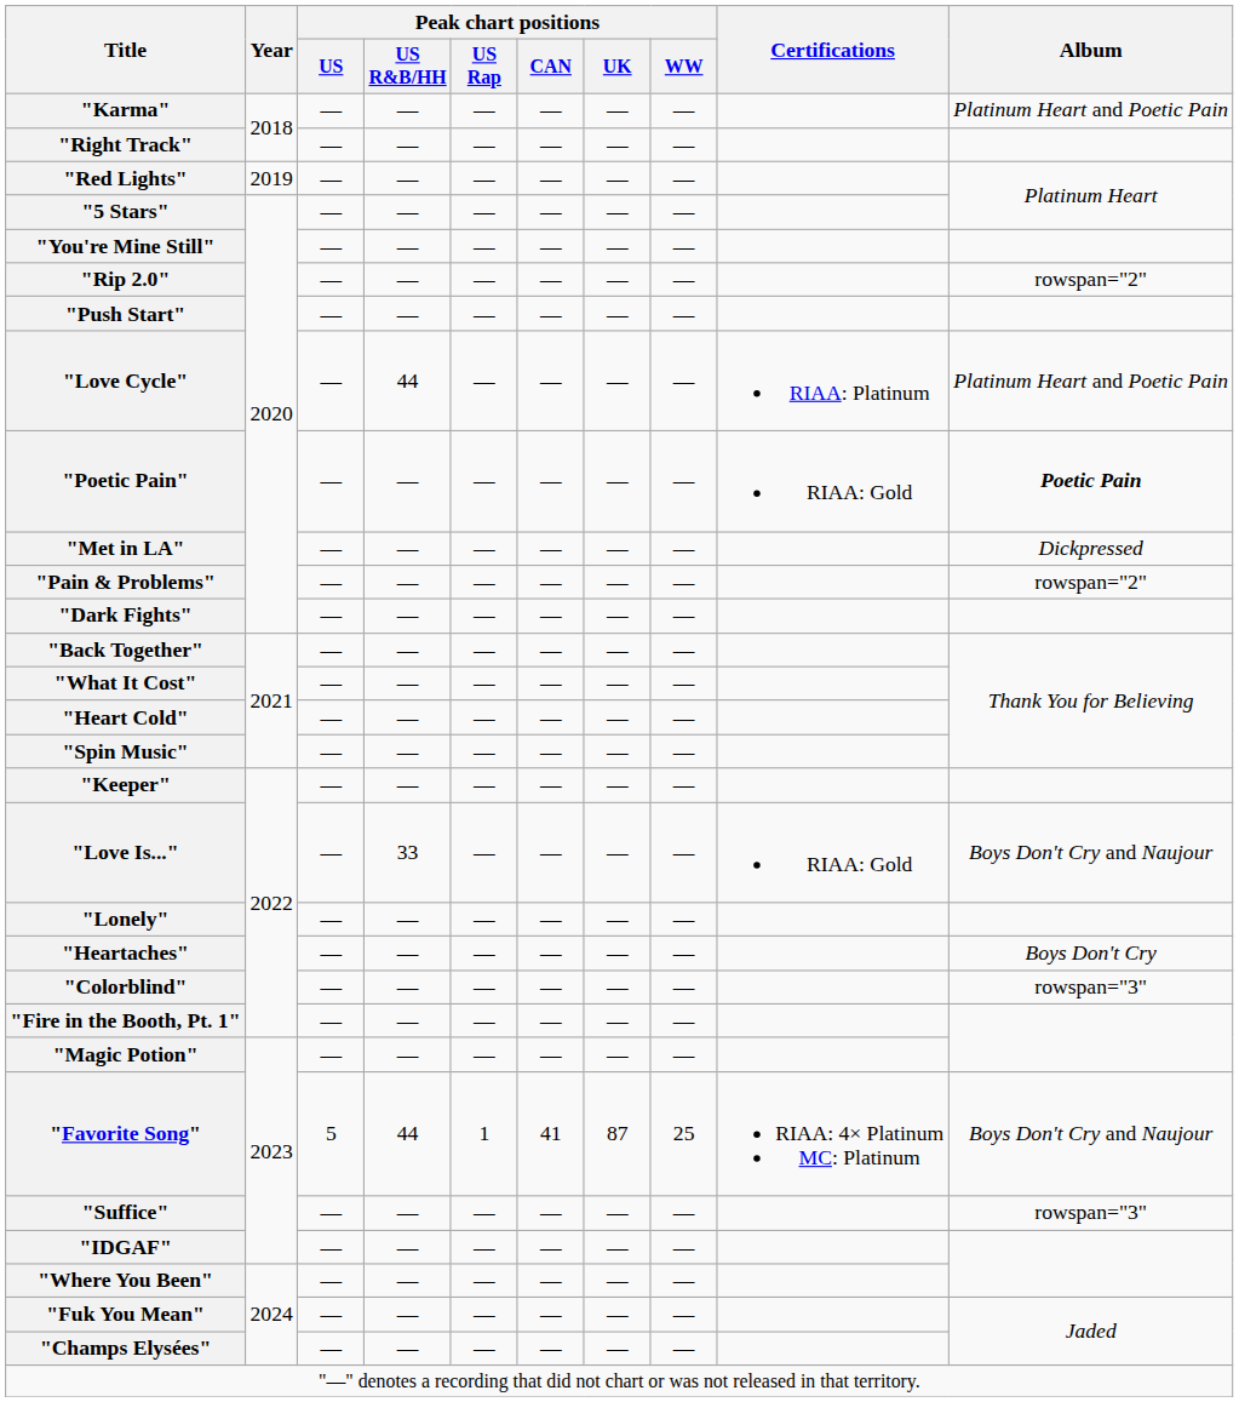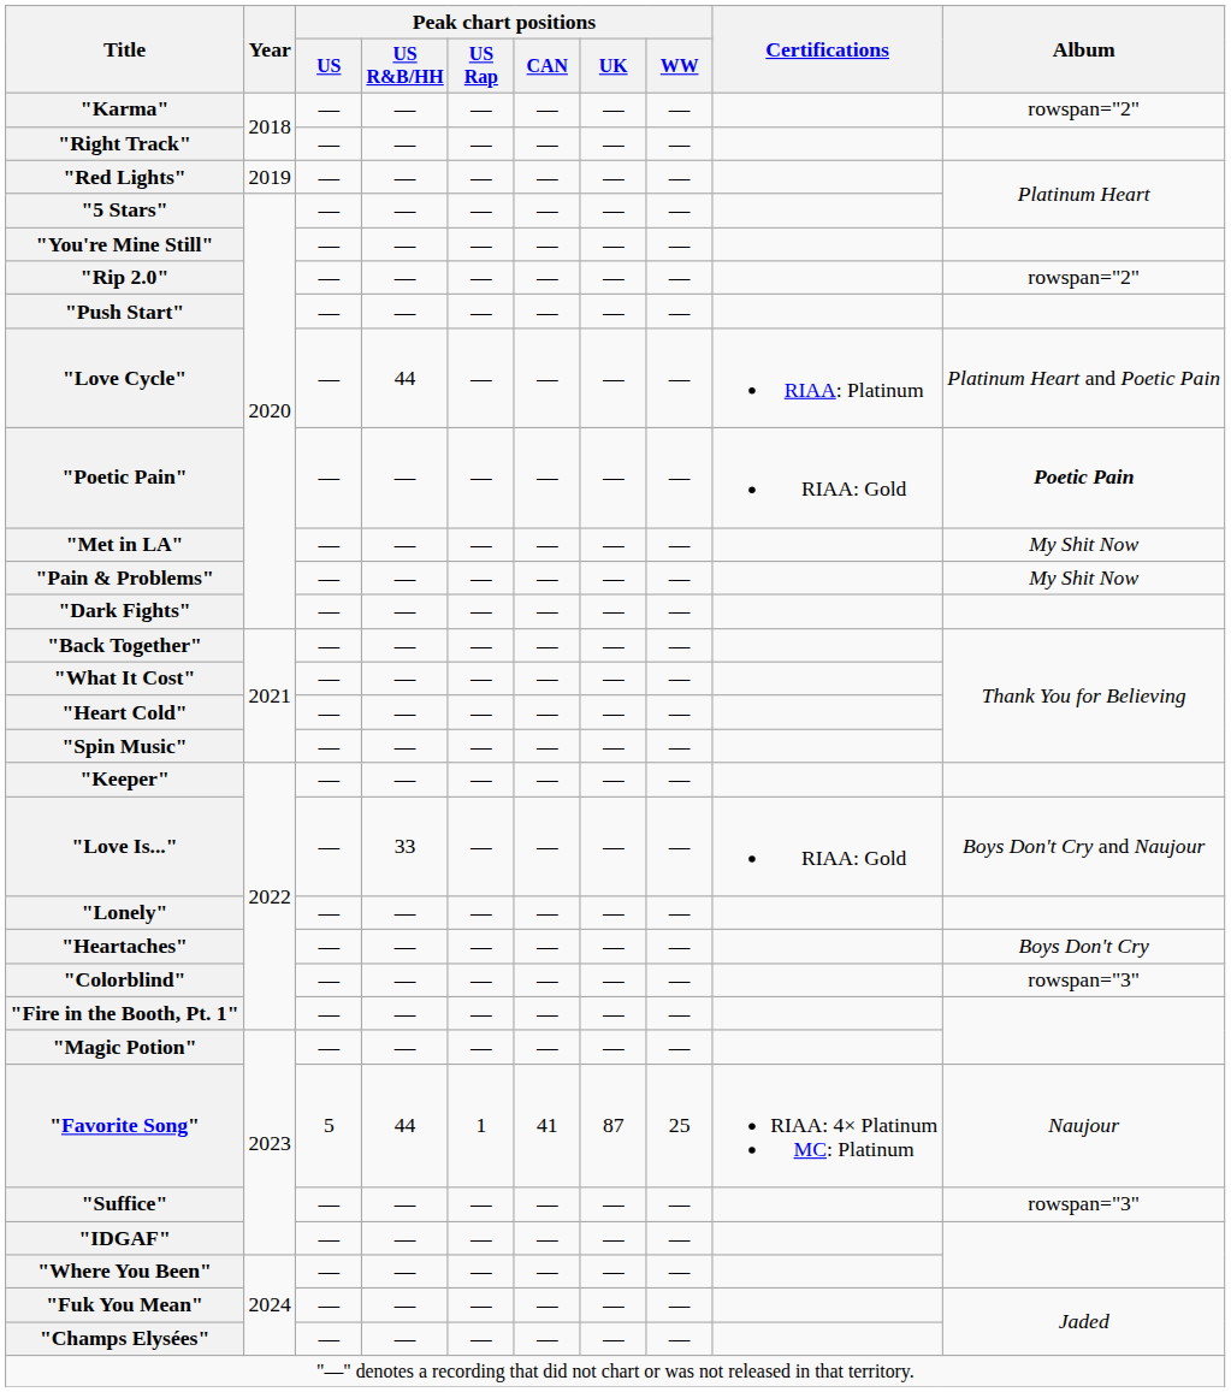 <table class="wikitable plainrowheaders" style="text-align:center;">
 <tr>
 <th rowspan="2">Title</th>
 <th rowspan="2">Year</th>
 <th colspan="6">Peak chart positions</th>
 <th rowspan="2" scope="col"><a href='#'>Certifications</a></th>
 <th rowspan="2">Album</th>
 </tr>
 <tr>
 <th scope="col" style="width:3em;font-size:90%;"><a href='#'>US</a><br></th>
 <th scope="col" style="width:3em;font-size:90%;"><a href='#'>US<br>R&B/HH</a><br></th>
 <th scope="col" style="width:3em;font-size:90%;"><a href='#'>US<br>Rap</a><br></th>
 <th scope="col" style="width:3em;font-size:90%;"><a href='#'>CAN</a><br></th>
 <th scope="col" style="width:3em;font-size:90%;"><a href='#'>UK</a><br></th>
 <th scope="col" style="width:3em;font-size:90%;"><a href='#'>WW</a><br></th>
 </tr>
 <tr>
 <th scope="row">"Karma"</th>
 <td rowspan="2">2018</td>
 <td>—</td>
 <td>—</td>
 <td>—</td>
 <td>—</td>
 <td>—</td>
 <td>—</td>
 <td></td>
-<td><em>Platinum Heart</em> and <em>Poetic Pain</em></td>
+<td>rowspan="2" </td>
 </tr>
 <tr>
 <th scope="row">"Right Track"</th>
 <td>—</td>
 <td>—</td>
 <td>—</td>
 <td>—</td>
 <td>—</td>
 <td>—</td>
 <td></td>
 </tr>
 <tr>
 <th scope="row">"Red Lights"</th>
 <td>2019</td>
 <td>—</td>
 <td>—</td>
 <td>—</td>
 <td>—</td>
 <td>—</td>
 <td>—</td>
 <td></td>
 <td rowspan="2"><em>Platinum Heart</em></td>
 </tr>
 <tr>
 <th scope="row">"5 Stars"</th>
 <td rowspan="9">2020</td>
 <td>—</td>
 <td>—</td>
 <td>—</td>
 <td>—</td>
 <td>—</td>
 <td>—</td>
 <td></td>
 </tr>
 <tr>
 <th scope="row">"You're Mine Still"</th>
 <td>—</td>
 <td>—</td>
 <td>—</td>
 <td>—</td>
 <td>—</td>
 <td>—</td>
 <td></td>
 <td></td>
 </tr>
 <tr>
 <th scope="row">"Rip 2.0"</th>
 <td>—</td>
 <td>—</td>
 <td>—</td>
 <td>—</td>
 <td>—</td>
 <td>—</td>
 <td></td>
 <td>rowspan="2" </td>
 </tr>
 <tr>
 <th scope="row">"Push Start"</th>
 <td>—</td>
 <td>—</td>
 <td>—</td>
 <td>—</td>
 <td>—</td>
 <td>—</td>
 <td></td>
 <td></td>
 </tr>
 <tr>
 <th scope="row">"Love Cycle"<br></th>
 <td>—</td>
 <td>44</td>
 <td>—</td>
 <td>—</td>
 <td>—</td>
 <td>—</td>
 <td><br><ul><li><a href='#'>RIAA</a>: Platinum</li></ul></td>
 <td><em>Platinum Heart</em> and <em>Poetic Pain</em></td>
 </tr>
 <tr>
 <th scope="row">"Poetic Pain"</th>
 <td>—</td>
 <td>—</td>
 <td>—</td>
 <td>—</td>
 <td>—</td>
 <td>—</td>
 <td><br><ul><li>RIAA: Gold</li></ul></td>
 <td><strong><em>Poetic Pain</em></strong></td>
 </tr>
 <tr>
 <th scope="row">"Met in LA"</th>
 <td>—</td>
 <td>—</td>
 <td>—</td>
 <td>—</td>
 <td>—</td>
 <td>—</td>
 <td></td>
-<td><em>Dickpressed</em></td>
+<td><em>My Shit Now</em></td>
 </tr>
 <tr>
 <th scope="row">"Pain & Problems"</th>
 <td>—</td>
 <td>—</td>
 <td>—</td>
 <td>—</td>
 <td>—</td>
 <td>—</td>
 <td></td>
-<td>rowspan="2" </td>
+<td><em>My Shit Now</em></td>
 </tr>
 <tr>
 <th scope="row">"Dark Fights"</th>
 <td>—</td>
 <td>—</td>
 <td>—</td>
 <td>—</td>
 <td>—</td>
 <td>—</td>
 <td></td>
 </tr>
 <tr>
 <th scope="row">"Back Together"</th>
 <td rowspan="4">2021</td>
 <td>—</td>
 <td>—</td>
 <td>—</td>
 <td>—</td>
 <td>—</td>
 <td>—</td>
 <td></td>
 <td rowspan="4"><em>Thank You for Believing</em></td>
 </tr>
 <tr>
 <th scope="row">"What It Cost"</th>
 <td>—</td>
 <td>—</td>
 <td>—</td>
 <td>—</td>
 <td>—</td>
 <td>—</td>
 <td></td>
 </tr>
 <tr>
 <th scope="row">"Heart Cold"</th>
 <td>—</td>
 <td>—</td>
 <td>—</td>
 <td>—</td>
 <td>—</td>
 <td>—</td>
 <td></td>
 </tr>
 <tr>
 <th scope="row">"Spin Music"<br></th>
 <td>—</td>
 <td>—</td>
 <td>—</td>
 <td>—</td>
 <td>—</td>
 <td>—</td>
 <td></td>
 </tr>
 <tr>
 <th Scope="row">"Keeper"</th>
 <td rowspan="6">2022</td>
 <td>—</td>
 <td>—</td>
 <td>—</td>
 <td>—</td>
 <td>—</td>
 <td>—</td>
 <td></td>
 <td></td>
 </tr>
 <tr>
 <th scope="row">"Love Is..."</th>
 <td>—</td>
 <td>33</td>
 <td>—</td>
 <td>—</td>
 <td>—</td>
 <td>—</td>
 <td><br><ul><li>RIAA: Gold</li></ul></td>
 <td><em>Boys Don't Cry</em> and <em>Naujour</em></td>
 </tr>
 <tr>
 <th scope="row">"Lonely"</th>
 <td>—</td>
 <td>—</td>
 <td>—</td>
 <td>—</td>
 <td>—</td>
 <td>—</td>
 <td></td>
 <td></td>
 </tr>
 <tr>
 <th scope="row">"Heartaches"</th>
 <td>—</td>
 <td>—</td>
 <td>—</td>
 <td>—</td>
 <td>—</td>
 <td>—</td>
 <td></td>
 <td><em>Boys Don't Cry</em></td>
 </tr>
 <tr>
 <th scope="row">"Colorblind"<br></th>
 <td>—</td>
 <td>—</td>
 <td>—</td>
 <td>—</td>
 <td>—</td>
 <td>—</td>
 <td></td>
 <td>rowspan="3" </td>
 </tr>
 <tr>
 <th scope="row">"Fire in the Booth, Pt. 1"<br></th>
 <td>—</td>
 <td>—</td>
 <td>—</td>
 <td>—</td>
 <td>—</td>
 <td>—</td>
 <td></td>
 </tr>
 <tr>
 <th scope="row">"Magic Potion"</th>
 <td rowspan="4">2023</td>
 <td>—</td>
 <td>—</td>
 <td>—</td>
 <td>—</td>
 <td>—</td>
 <td>—</td>
 <td></td>
 </tr>
 <tr>
 <th scope="row">"<a href='#'>Favorite Song</a>"<br> </th>
 <td>5<br></td>
 <td>44</td>
 <td>1</td>
 <td>41</td>
 <td>87</td>
 <td>25</td>
 <td><br><ul><li>RIAA: 4× Platinum</li><li><a href='#'>MC</a>: Platinum</li></ul></td>
-<td><em>Boys Don't Cry</em> and <em>Naujour</em></td>
+<td><em>Naujour</em></td>
 </tr>
 <tr>
 <th scope="row">"Suffice"</th>
 <td>—</td>
 <td>—</td>
 <td>—</td>
 <td>—</td>
 <td>—</td>
 <td>—</td>
 <td></td>
 <td>rowspan="3" </td>
 </tr>
 <tr>
 <th scope="row">"IDGAF"</th>
 <td>—</td>
 <td>—</td>
 <td>—</td>
 <td>—</td>
 <td>—</td>
 <td>—</td>
 <td></td>
 </tr>
 <tr>
 <th scope="row">"Where You Been"</th>
 <td rowspan="3">2024</td>
 <td>—</td>
 <td>—</td>
 <td>—</td>
 <td>—</td>
 <td>—</td>
 <td>—</td>
 <td></td>
 </tr>
 <tr>
 <th scope="row">"Fuk You Mean"</th>
 <td>—</td>
 <td>—</td>
 <td>—</td>
 <td>—</td>
 <td>—</td>
 <td>—</td>
 <td></td>
 <td rowspan="2"><em>Jaded</em></td>
 </tr>
 <tr>
 <th scope="row">"Champs Elysées"<br></th>
 <td>—</td>
 <td>—</td>
 <td>—</td>
 <td>—</td>
 <td>—</td>
 <td>—</td>
 <td></td>
 </tr>
 <tr>
 <td colspan="14" style="font-size:90%">"—" denotes a recording that did not chart or was not released in that territory.</td>
 </tr>
 </table>
